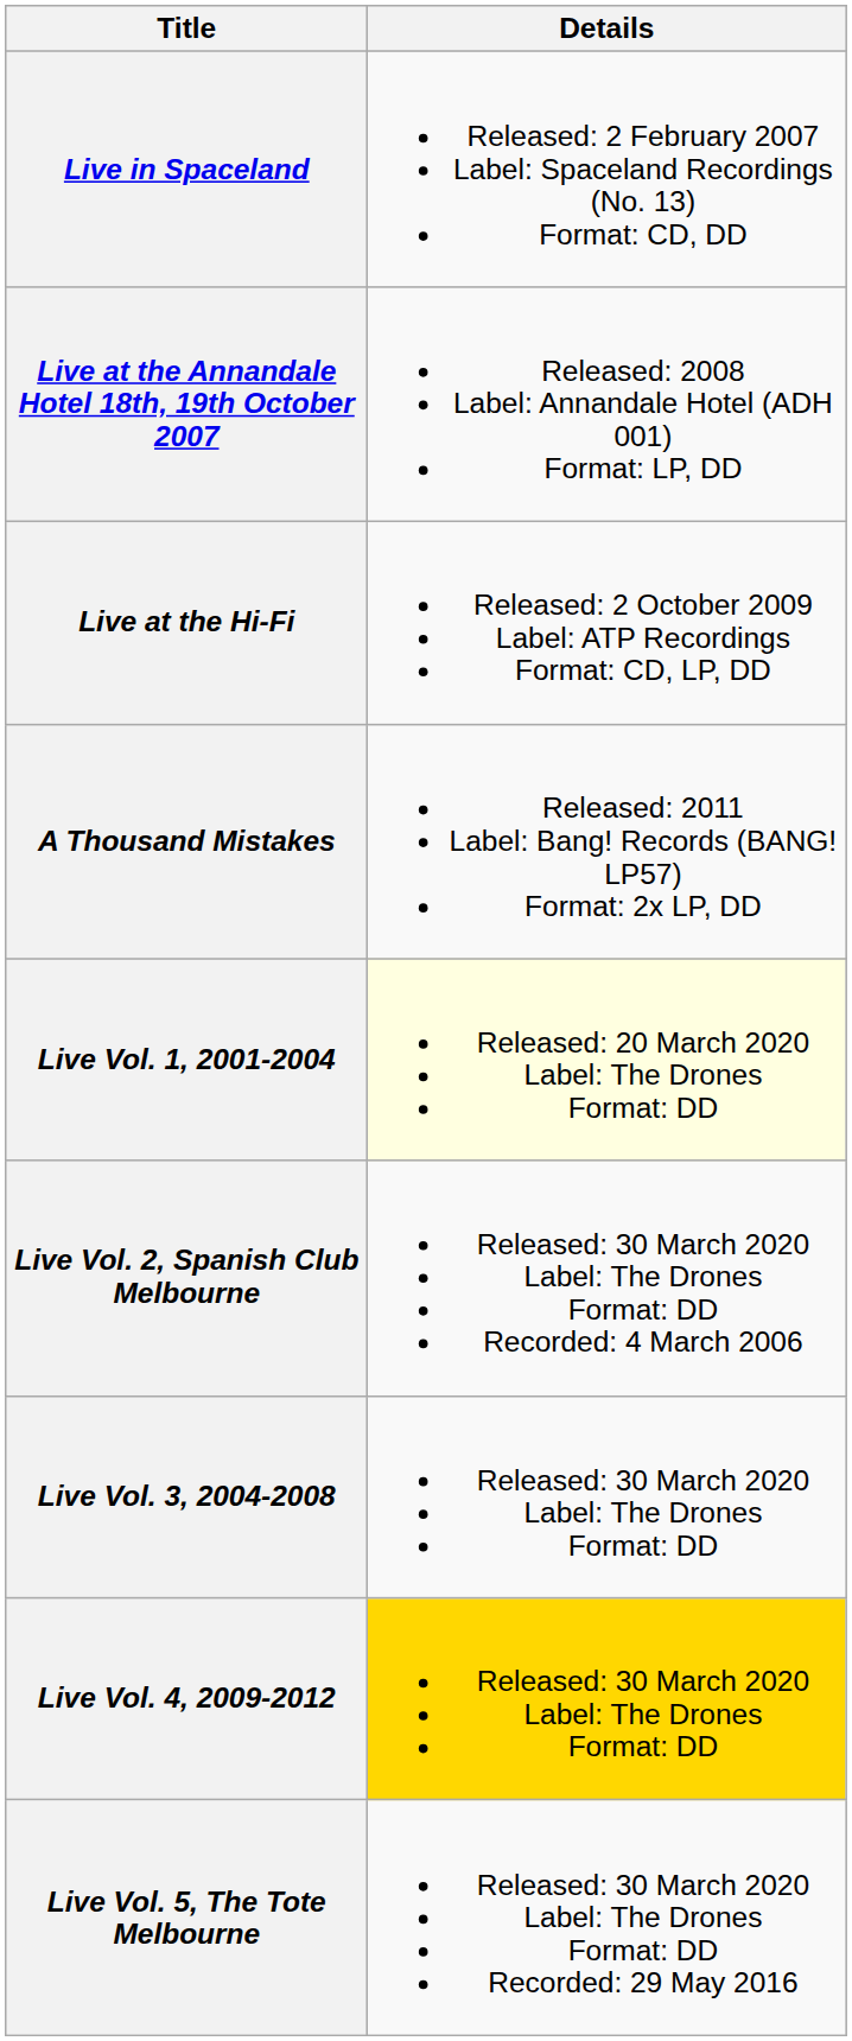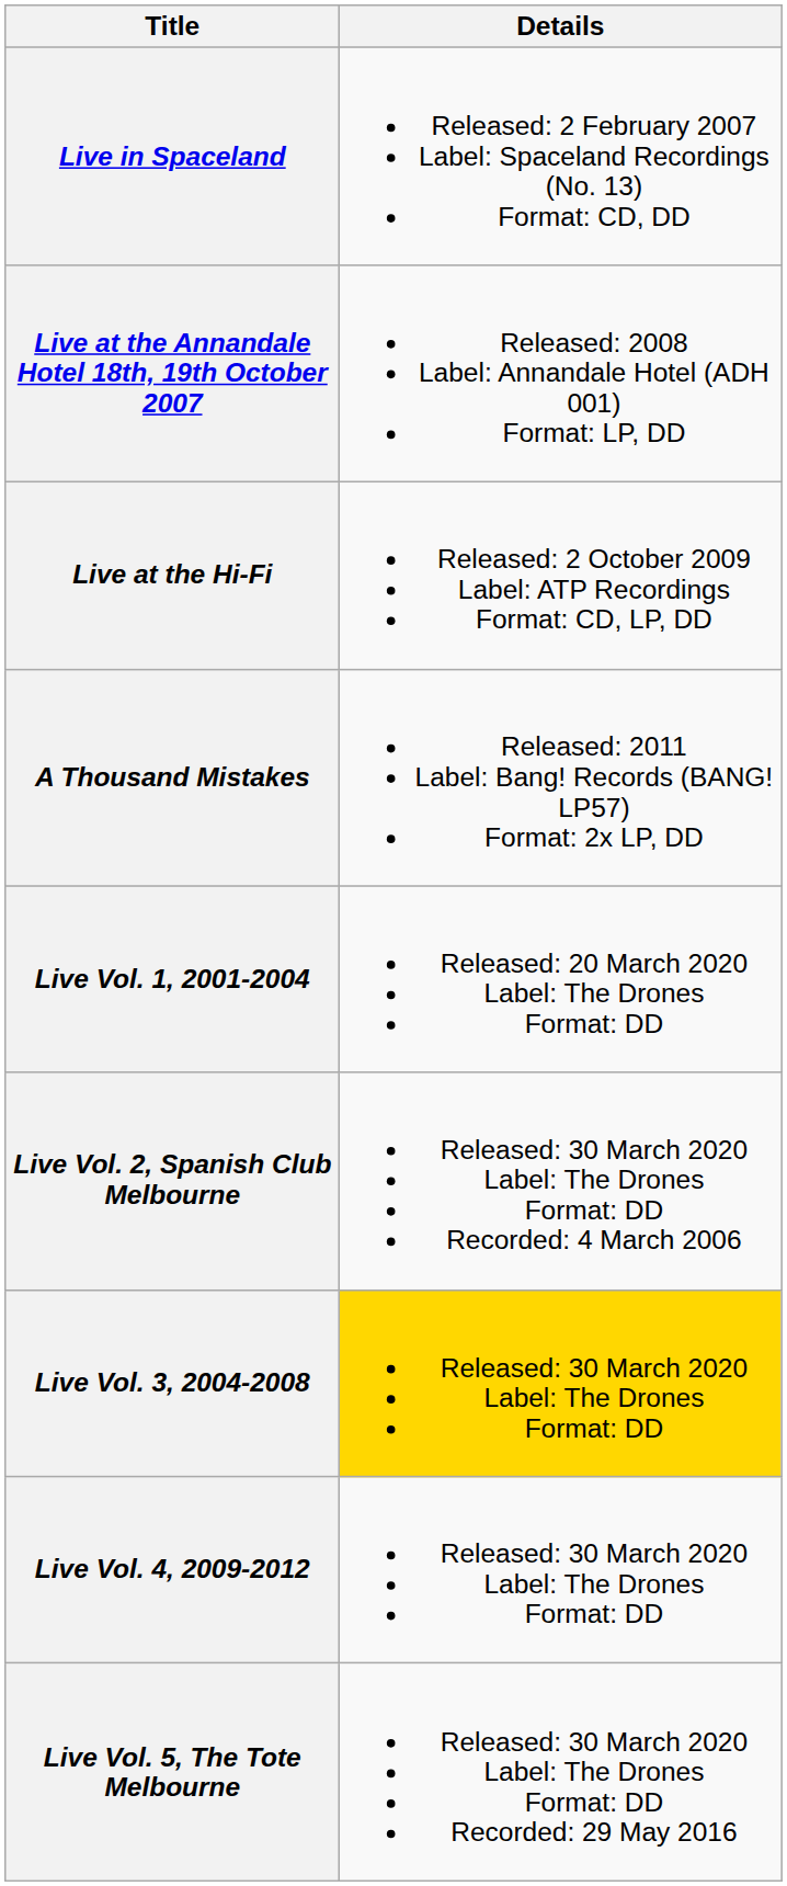 <table class="wikitable plainrowheaders" style="text-align:center;" border="1">
 <tr>
 <th scope="col" rowspan="1" style="width:12em;">Title</th>
 <th scope="col" rowspan="1" style="width:16em;">Details</th>
 </tr>
 <tr>
 <th scope="row"><em><a href='#'>Live in Spaceland</a></em></th>
 <td><br><ul><li>Released: 2 February 2007</li><li>Label: Spaceland Recordings (No. 13)</li><li>Format: CD, DD</li></ul></td>
 </tr>
 <tr>
 <th scope="row"><em><a href='#'>Live at the Annandale Hotel 18th, 19th October 2007</a></em></th>
 <td><br><ul><li>Released: 2008</li><li>Label: Annandale Hotel	(ADH 001)</li><li>Format: LP, DD</li></ul></td>
 </tr>
 <tr>
 <th scope="row"><em>Live at the Hi-Fi</em></th>
 <td><br><ul><li>Released: 2 October 2009</li><li>Label: ATP Recordings</li><li>Format: CD, LP, DD</li></ul></td>
 </tr>
 <tr>
 <th scope="row"><em>A Thousand Mistakes</em></th>
 <td><br><ul><li>Released: 2011</li><li>Label: Bang! Records (BANG! LP57)</li><li>Format: 2x LP, DD</li></ul></td>
 </tr>
 <tr>
 <th scope="row"><em>Live Vol. 1, 2001-2004</em></th>
-<td style="background: lightyellow;"><br><ul><li>Released: 20 March 2020</li><li>Label: The Drones</li><li>Format: DD</li></ul></td>
+<td><br><ul><li>Released: 20 March 2020</li><li>Label: The Drones</li><li>Format: DD</li></ul></td>
 </tr>
 <tr>
 <th scope="row"><em>Live Vol. 2, Spanish Club Melbourne</em></th>
 <td><br><ul><li>Released: 30 March 2020</li><li>Label: The Drones</li><li>Format: DD</li><li>Recorded: 4 March 2006</li></ul></td>
 </tr>
 <tr>
 <th scope="row"><em>Live Vol. 3, 2004-2008</em></th>
-<td><br><ul><li>Released: 30 March 2020</li><li>Label: The Drones</li><li>Format: DD</li></ul></td>
+<td style="background: gold;"><br><ul><li>Released: 30 March 2020</li><li>Label: The Drones</li><li>Format: DD</li></ul></td>
 </tr>
 <tr>
 <th scope="row"><em>Live Vol. 4, 2009-2012</em></th>
-<td style="background: gold;"><br><ul><li>Released: 30 March 2020</li><li>Label: The Drones</li><li>Format: DD</li></ul></td>
+<td><br><ul><li>Released: 30 March 2020</li><li>Label: The Drones</li><li>Format: DD</li></ul></td>
 </tr>
 <tr>
 <th scope="row"><em>Live Vol. 5, The Tote Melbourne</em></th>
 <td><br><ul><li>Released: 30 March 2020</li><li>Label: The Drones</li><li>Format: DD</li><li>Recorded: 29 May 2016</li></ul></td>
 </tr>
 </table>
